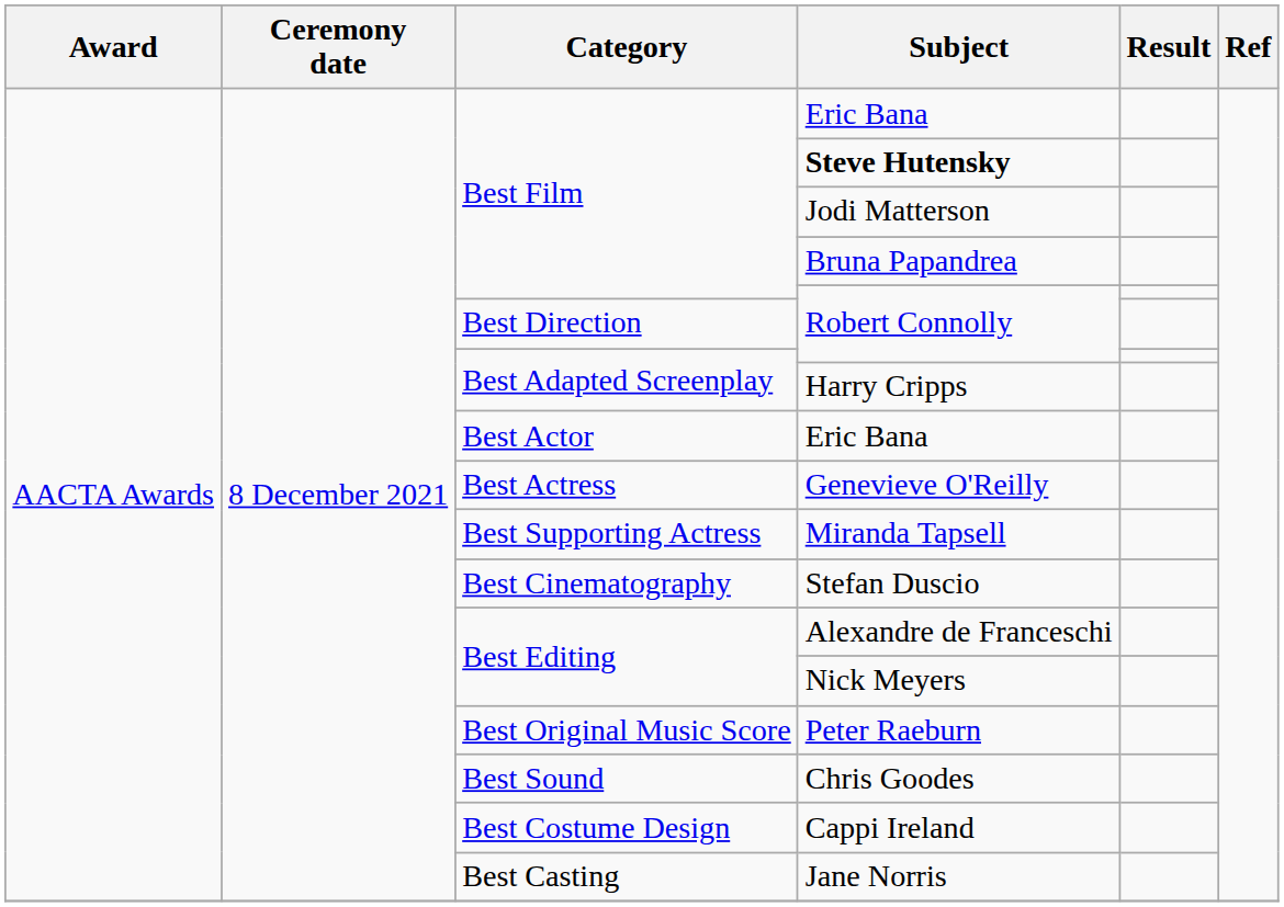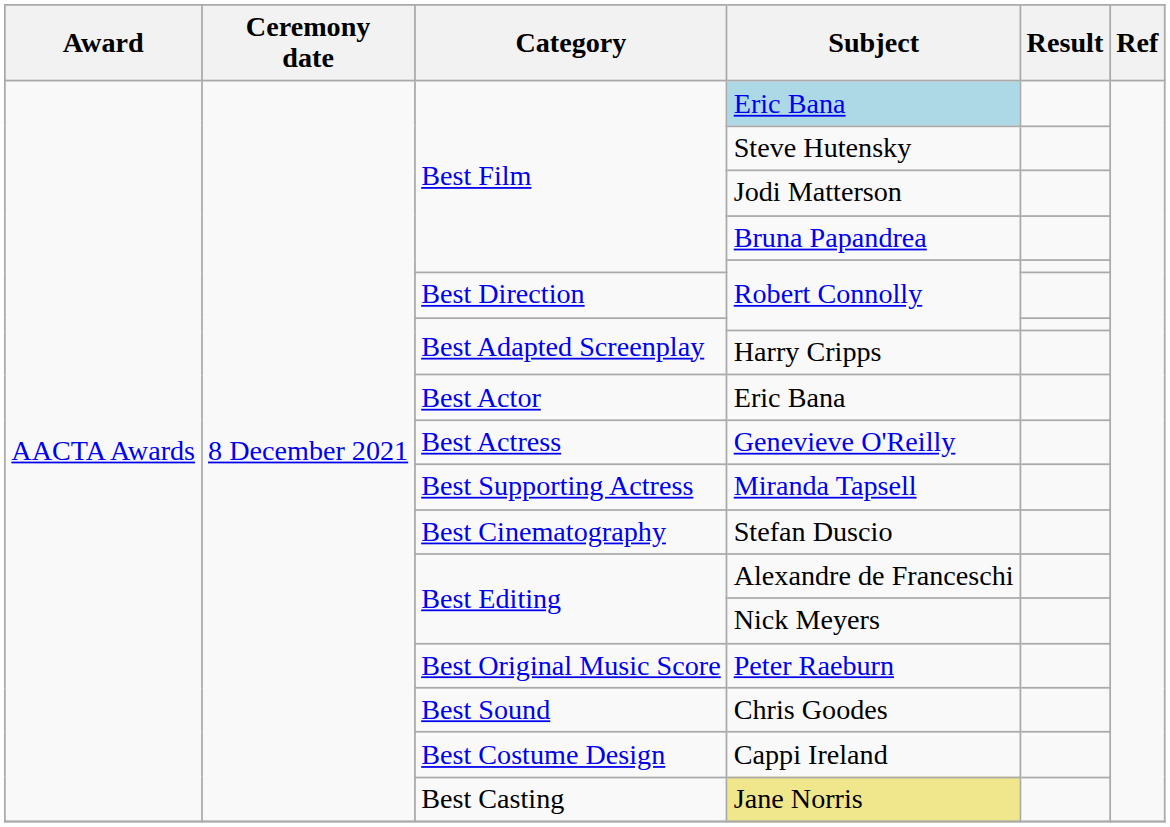 <table class="wikitable">
 <tr>
 <th>Award</th>
 <th>Ceremony<br>date</th>
 <th>Category</th>
 <th>Subject</th>
 <th>Result</th>
 <th>Ref</th>
 </tr>
 <tr>
 <td rowspan=18><a href='#'>AACTA Awards</a></td>
 <td rowspan=18><a href='#'>8 December 2021</a></td>
 <td rowspan=5><a href='#'>Best Film</a></td>
-<td><a href='#'>Eric Bana</a></td>
+<td style="background: lightblue;"><a href='#'>Eric Bana</a></td>
 <td></td>
 <td rowspan=18></td>
 </tr>
 <tr>
-<td><strong>Steve Hutensky</strong></td>
+<td>Steve Hutensky</td>
 <td></td>
 </tr>
 <tr>
 <td>Jodi Matterson</td>
 <td></td>
 </tr>
 <tr>
 <td><a href='#'>Bruna Papandrea</a></td>
 <td></td>
 </tr>
 <tr>
 <td rowspan=3><a href='#'>Robert Connolly</a></td>
 <td></td>
 </tr>
 <tr>
 <td><a href='#'>Best Direction</a></td>
 <td></td>
 </tr>
 <tr>
 <td rowspan=2><a href='#'>Best Adapted Screenplay</a></td>
 <td></td>
 </tr>
 <tr>
 <td>Harry Cripps</td>
 <td></td>
 </tr>
 <tr>
 <td><a href='#'>Best Actor</a></td>
 <td>Eric Bana</td>
 <td></td>
 </tr>
 <tr>
 <td><a href='#'>Best Actress</a></td>
 <td><a href='#'>Genevieve O'Reilly</a></td>
 <td></td>
 </tr>
 <tr>
 <td><a href='#'>Best Supporting Actress</a></td>
 <td><a href='#'>Miranda Tapsell</a></td>
 <td></td>
 </tr>
 <tr>
 <td><a href='#'>Best Cinematography</a></td>
 <td>Stefan Duscio</td>
 <td></td>
 </tr>
 <tr>
 <td rowspan=2><a href='#'>Best Editing</a></td>
 <td>Alexandre de Franceschi</td>
 <td></td>
 </tr>
 <tr>
 <td>Nick Meyers</td>
 <td></td>
 </tr>
 <tr>
 <td><a href='#'>Best Original Music Score</a></td>
 <td><a href='#'>Peter Raeburn</a></td>
 <td></td>
 </tr>
 <tr>
 <td><a href='#'>Best Sound</a></td>
 <td>Chris Goodes</td>
 <td></td>
 </tr>
 <tr>
 <td><a href='#'>Best Costume Design</a></td>
 <td>Cappi Ireland</td>
 <td></td>
 </tr>
 <tr>
 <td>Best Casting</td>
-<td>Jane Norris</td>
+<td style="background: khaki;">Jane Norris</td>
 <td></td>
 </tr>
 <tr>
 </tr>
 </table>
